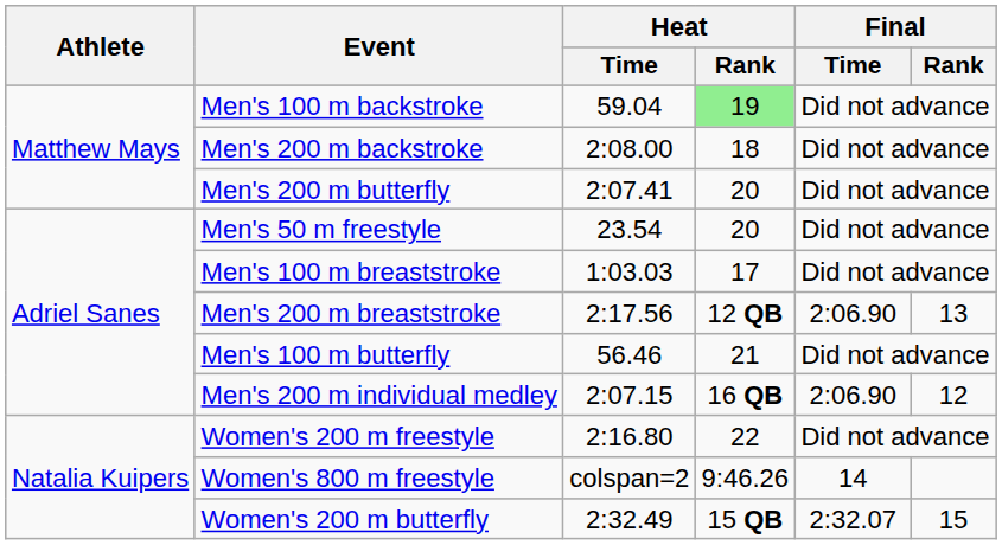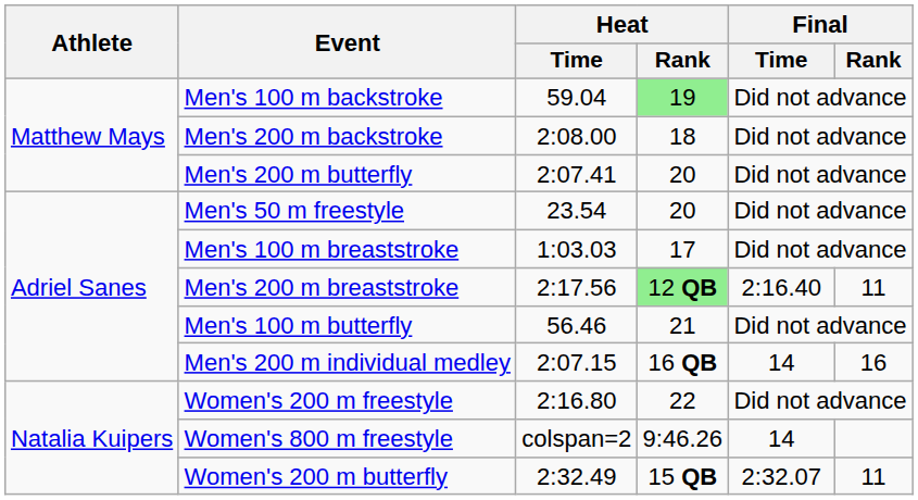 <table class=wikitable style="font-size:90%">
 <tr>
 <th rowspan="2">Athlete</th>
 <th rowspan="2">Event</th>
 <th colspan="2">Heat</th>
 <th colspan="2">Final</th>
 </tr>
 <tr style="font-size:95%">
 <th>Time</th>
 <th>Rank</th>
 <th>Time</th>
 <th>Rank</th>
 </tr>
 <tr align=center>
 <td align=left rowspan="3"><a href='#'>Matthew Mays</a></td>
 <td align=left><a href='#'>Men's 100 m backstroke</a></td>
 <td>59.04</td>
 <td style="background: lightgreen;">19</td>
 <td colspan=2>Did not advance</td>
 </tr>
 <tr align=center>
 <td align=left><a href='#'>Men's 200 m backstroke</a></td>
 <td>2:08.00</td>
 <td>18</td>
 <td colspan=2>Did not advance</td>
 </tr>
 <tr align=center>
 <td align=left><a href='#'>Men's 200 m butterfly</a></td>
 <td>2:07.41</td>
 <td>20</td>
 <td colspan=2>Did not advance</td>
 </tr>
 <tr align=center>
 <td align=left rowspan="5"><a href='#'>Adriel Sanes</a></td>
 <td align=left><a href='#'>Men's 50 m freestyle</a></td>
 <td>23.54</td>
 <td>20</td>
 <td colspan=2>Did not advance</td>
 </tr>
 <tr align=center>
 <td align=left><a href='#'>Men's 100 m breaststroke</a></td>
 <td>1:03.03</td>
 <td>17</td>
 <td colspan=2>Did not advance</td>
 </tr>
 <tr align=center>
 <td align=left><a href='#'>Men's 200 m breaststroke</a></td>
 <td>2:17.56</td>
-<td>12 <strong>QB</strong></td>
-<td>2:06.90</td>
-<td>13</td>
+<td style="background: lightgreen;">12 <strong>QB</strong></td>
+<td>2:16.40</td>
+<td>11</td>
 </tr>
 <tr align=center>
 <td align=left><a href='#'>Men's 100 m butterfly</a></td>
 <td>56.46</td>
 <td>21</td>
 <td colspan=2>Did not advance</td>
 </tr>
 <tr align=center>
 <td align=left><a href='#'>Men's 200 m individual medley</a></td>
 <td>2:07.15</td>
 <td>16 <strong>QB</strong></td>
-<td>2:06.90</td>
-<td>12</td>
+<td>14</td>
+<td>16</td>
 </tr>
 <tr align=center>
 <td align=left rowspan="3"><a href='#'>Natalia Kuipers</a></td>
 <td align=left><a href='#'>Women's 200 m freestyle</a></td>
 <td>2:16.80</td>
 <td>22</td>
 <td colspan=2>Did not advance</td>
 </tr>
 <tr align=center>
 <td align=left><a href='#'>Women's 800 m freestyle</a></td>
 <td>colspan=2 </td>
 <td>9:46.26</td>
 <td>14</td>
 </tr>
 <tr align=center>
 <td align=left><a href='#'>Women's 200 m butterfly</a></td>
 <td>2:32.49</td>
 <td>15 <strong>QB</strong></td>
 <td>2:32.07</td>
-<td>15</td>
+<td>11</td>
 </tr>
 </table>
